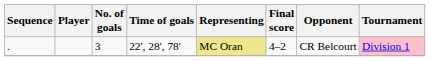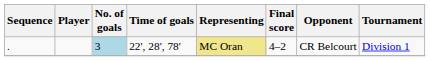 <table class="wikitable sortable" style="font-size:90%;">
 <tr>
 <th>Sequence<br></th>
 <th>Player</th>
 <th>No. of<br>goals</th>
 <th>Time of goals</th>
 <th>Representing</th>
 <th>Final<br>score</th>
 <th>Opponent</th>
 <th>Tournament</th>
 </tr>
 <tr>
 <td>.</td>
 <td> </td>
-<td>3</td>
+<td style="background: lightblue;">3</td>
 <td>22', 28', 78'</td>
 <td style="background: khaki;">MC Oran</td>
 <td>4–2</td>
 <td>CR Belcourt</td>
-<td style="background: pink;"><a href='#'>Division 1</a></td>
+<td><a href='#'>Division 1</a></td>
 </tr>
 <tr>
 </tr>
 </table>
